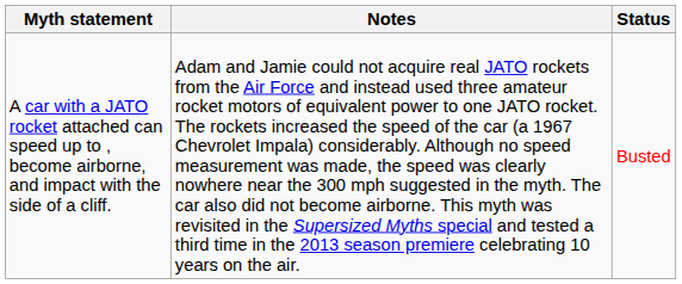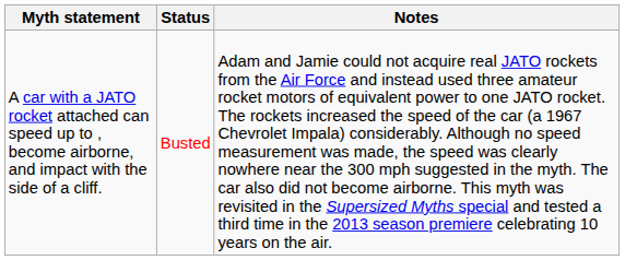 <table class="wikitable" style="width:98%;">
 <tr>
 <th style="width:25%;">Myth statement</th>
+<th style="width:8%;">Status</th>
 <th style="width:67%;">Notes</th>
-<th style="width:8%;">Status</th>
 </tr>
 <tr>
 <td>A <a href='#'>car with a JATO rocket</a> attached can speed up to , become airborne, and impact with the side of a cliff.</td>
+<td style="color:white; text-align:center; color:red;">Busted</td>
 <td><br>Adam and Jamie could not acquire real <a href='#'>JATO</a> rockets from the <a href='#'>Air Force</a> and instead used three amateur rocket motors of equivalent power to one JATO rocket. The rockets increased the speed of the car (a 1967 Chevrolet Impala) considerably. Although no speed measurement was made, the speed was clearly nowhere near the 300 mph suggested in the myth. The car also did not become airborne. This myth was revisited in the <a href='#'><em>Supersized Myths</em> special</a> and tested a third time in the <a href='#'>2013 season premiere</a> celebrating 10 years on the air.</td>
-<td style="color:white; text-align:center; color:red;">Busted</td>
 </tr>
 </table>
